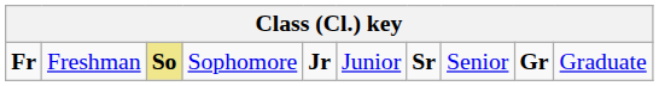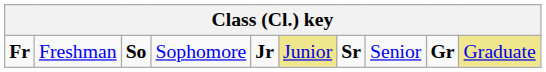 <table class="wikitable">
 <tr>
 <th colspan=10>Class (Cl.) key</th>
 </tr>
 <tr>
 <td><strong>Fr</strong></td>
 <td><a href='#'>Freshman</a></td>
-<td style="background: khaki;"><strong>So</strong></td>
+<td><strong>So</strong></td>
 <td><a href='#'>Sophomore</a></td>
 <td><strong>Jr</strong></td>
-<td><a href='#'>Junior</a></td>
+<td style="background: khaki;"><a href='#'>Junior</a></td>
 <td><strong>Sr</strong></td>
 <td><a href='#'>Senior</a></td>
 <td><strong>Gr</strong></td>
-<td><a href='#'>Graduate</a></td>
+<td style="background: khaki;"><a href='#'>Graduate</a></td>
 </tr>
 </table>
